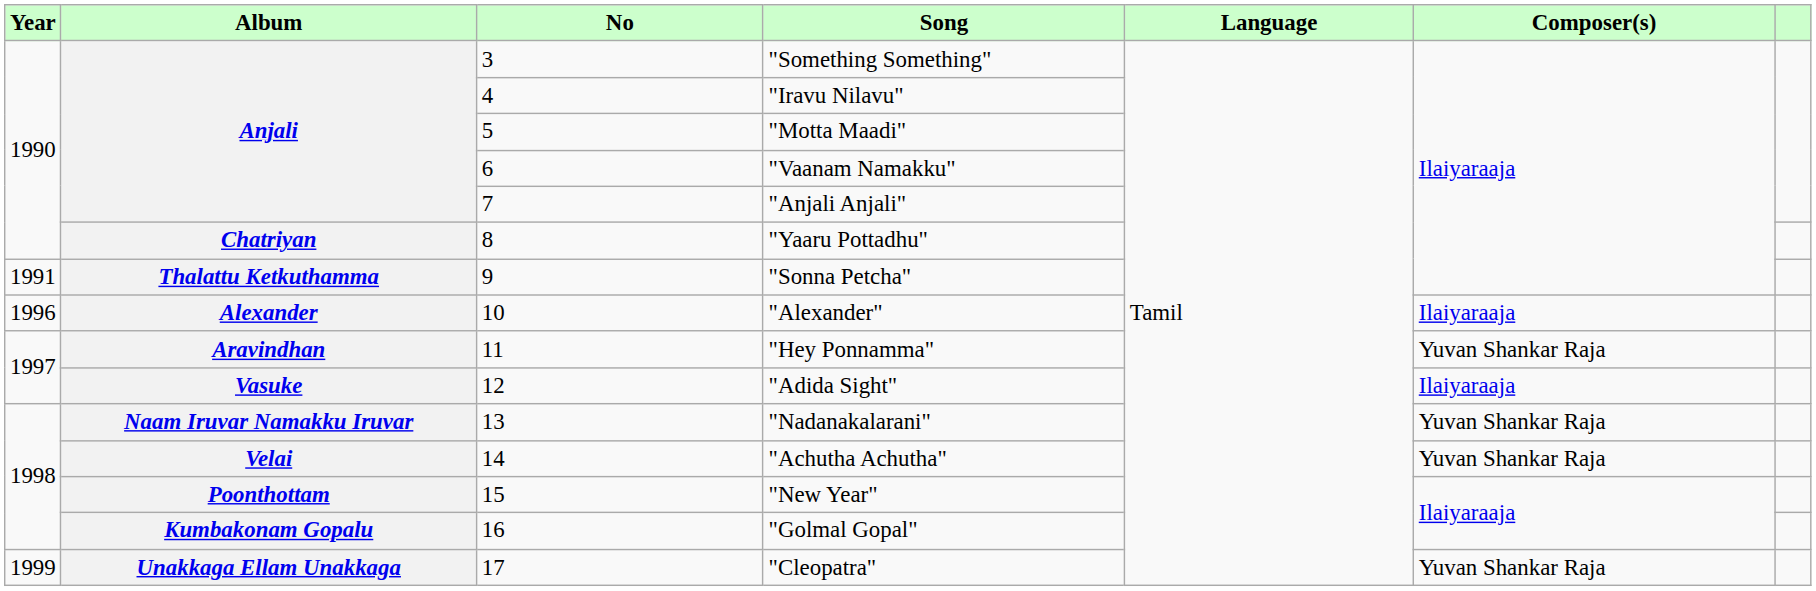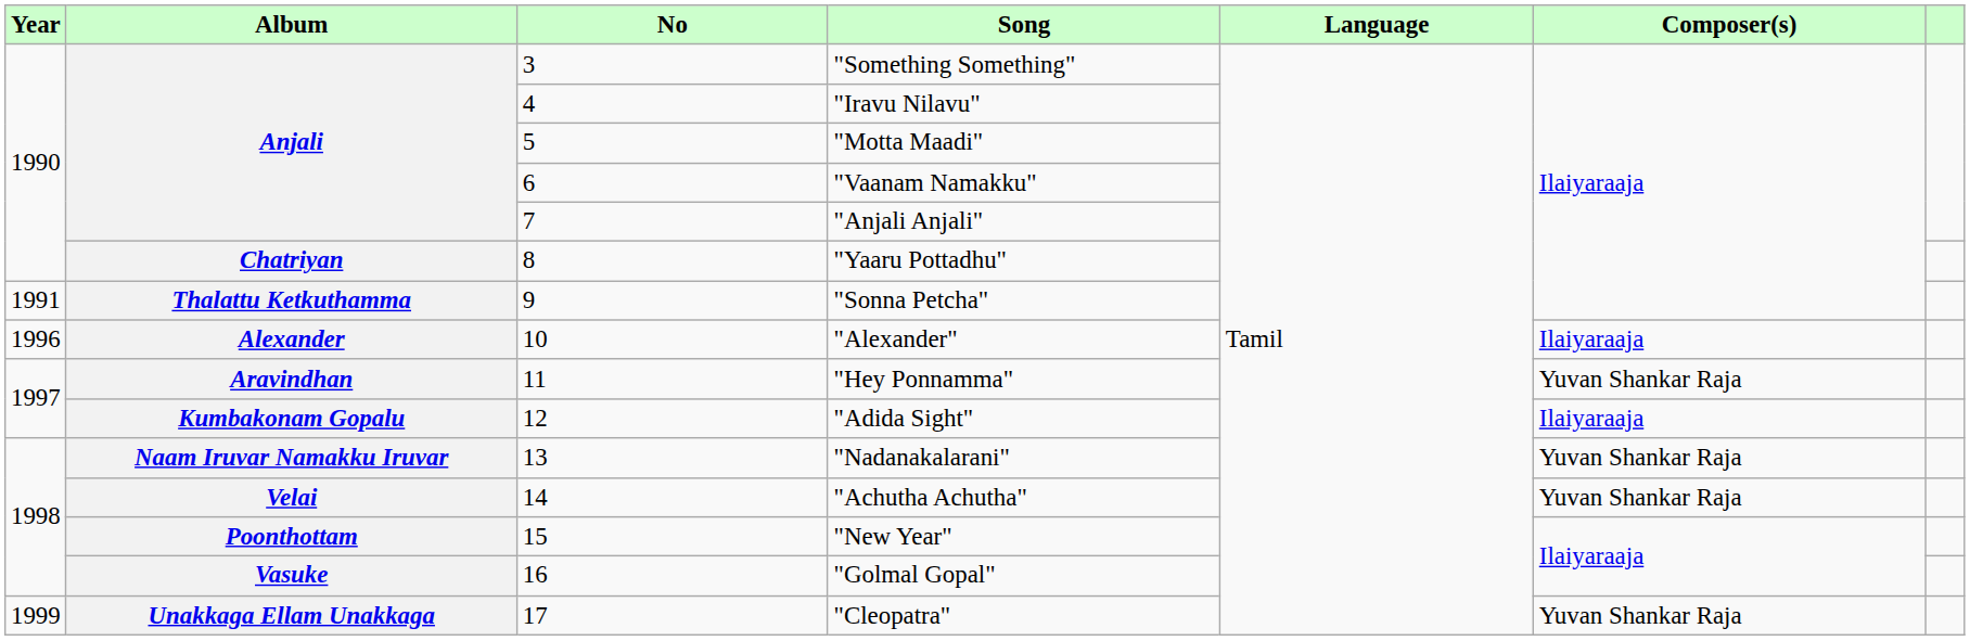 <table class="wikitable plainrowheaders" style="width:100%; textcolor:#000">
 <tr style="background:#cfc; text-align:center;">
 <td scope="col" style="width:2%;"><strong>Year</strong></td>
 <td scope="col" style="width:23%;"><strong>Album</strong></td>
 <td><strong>No</strong></td>
 <td scope="col" style="width:20%;"><strong>Song</strong></td>
 <td scope="col" style="width:16%;"><strong>Language</strong></td>
 <td scope="col" style="width:20%;"><strong>Composer(s)</strong></td>
 <td scope="col" style="width:2%;"><strong></strong></td>
 </tr>
 <tr>
 <td rowspan="6">1990</td>
 <th scope="row" rowspan="5"><em><a href='#'>Anjali</a></em></th>
 <td>3</td>
 <td>"Something Something"</td>
 <td rowspan="24">Tamil</td>
 <td rowspan="7"><a href='#'>Ilaiyaraaja</a></td>
 <td rowspan="5"></td>
 </tr>
 <tr>
 <td>4</td>
 <td>"Iravu Nilavu"</td>
 </tr>
 <tr>
 <td>5</td>
 <td>"Motta Maadi"</td>
 </tr>
 <tr>
 <td>6</td>
 <td>"Vaanam Namakku"</td>
 </tr>
 <tr>
 <td>7</td>
 <td>"Anjali Anjali"</td>
 </tr>
 <tr>
 <th scope="row"><em><a href='#'>Chatriyan</a></em></th>
 <td>8</td>
 <td>"Yaaru Pottadhu"</td>
 <td></td>
 </tr>
 <tr>
 <td>1991</td>
 <th scope="row"><em><a href='#'>Thalattu Ketkuthamma</a></em></th>
 <td>9</td>
 <td>"Sonna Petcha"</td>
 <td></td>
 </tr>
 <tr>
 <td>1996</td>
 <th scope="row"><em><a href='#'>Alexander</a></em></th>
 <td>10</td>
 <td>"Alexander"</td>
 <td><a href='#'>Ilaiyaraaja</a></td>
 <td></td>
 </tr>
 <tr>
 <td rowspan="2">1997</td>
 <th scope="row"><em><a href='#'>Aravindhan</a></em></th>
 <td>11</td>
 <td>"Hey Ponnamma"</td>
 <td>Yuvan Shankar Raja</td>
 <td></td>
 </tr>
 <tr>
-<th scope="row"><em><a href='#'>Vasuke</a></em></th>
+<th scope="row"><em><a href='#'>Kumbakonam Gopalu</a></em></th>
 <td>12</td>
 <td>"Adida Sight"</td>
 <td><a href='#'>Ilaiyaraaja</a></td>
 <td></td>
 </tr>
 <tr>
 <td rowspan="4">1998</td>
 <th scope="row"><em><a href='#'>Naam Iruvar Namakku Iruvar</a></em></th>
 <td>13</td>
 <td>"Nadanakalarani"</td>
 <td>Yuvan Shankar Raja</td>
 <td></td>
 </tr>
 <tr>
 <th scope="row"><em><a href='#'>Velai</a></em></th>
 <td>14</td>
 <td>"Achutha Achutha"</td>
 <td>Yuvan Shankar Raja</td>
 <td></td>
 </tr>
 <tr>
 <th scope="row"><em><a href='#'>Poonthottam</a></em></th>
 <td>15</td>
 <td>"New Year"</td>
 <td rowspan="2"><a href='#'>Ilaiyaraaja</a></td>
 <td></td>
 </tr>
 <tr>
-<th scope="row"><em><a href='#'>Kumbakonam Gopalu</a></em></th>
+<th scope="row"><em><a href='#'>Vasuke</a></em></th>
 <td>16</td>
 <td>"Golmal Gopal"</td>
 <td></td>
 </tr>
 <tr>
 <td>1999</td>
 <th scope="row"><em><a href='#'>Unakkaga Ellam Unakkaga</a></em></th>
 <td>17</td>
 <td>"Cleopatra"</td>
 <td>Yuvan Shankar Raja</td>
 <td></td>
 </tr>
 </table>
